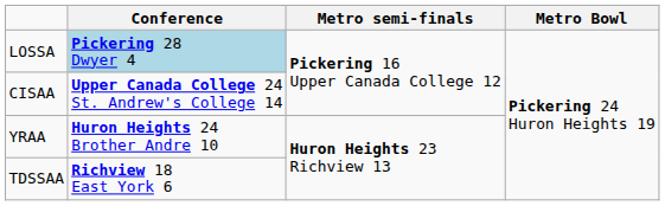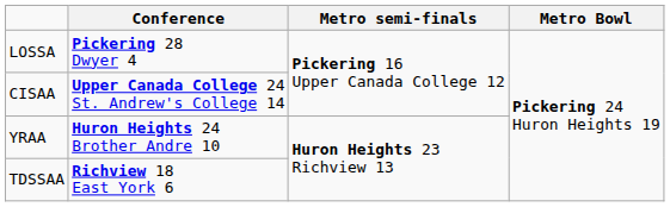 <table class="wikitable">
 <tr>
 <td></td>
 <th>Conference</th>
 <th>Metro semi-finals</th>
 <th>Metro Bowl</th>
 </tr>
 <tr>
 <td>LOSSA</td>
-<td style="background: lightblue;"><strong><a href='#'>Pickering</a></strong> 28<br><a href='#'>Dwyer</a>  4</td>
+<td><strong><a href='#'>Pickering</a></strong> 28<br><a href='#'>Dwyer</a>  4</td>
 <td rowspan=2><strong>Pickering</strong> 16 <br> Upper Canada College 12</td>
 <td rowspan=4><strong>Pickering</strong> 24 <br> Huron Heights 19</td>
 </tr>
 <tr>
 <td>CISAA</td>
 <td><strong><a href='#'>Upper Canada College</a></strong> 24<br><a href='#'>St. Andrew's College</a> 14</td>
 </tr>
 <tr>
 <td>YRAA</td>
 <td><strong><a href='#'>Huron Heights</a></strong> 24<br><a href='#'>Brother Andre</a> 10</td>
 <td rowspan=2><strong>Huron Heights</strong> 23<br> Richview 13</td>
 </tr>
 <tr>
 <td>TDSSAA</td>
 <td><strong><a href='#'>Richview</a></strong> 18<br><a href='#'>East York</a> 6</td>
 </tr>
 </table>
